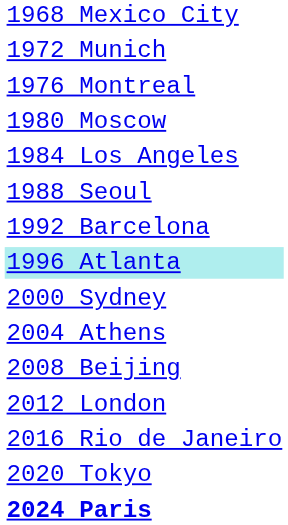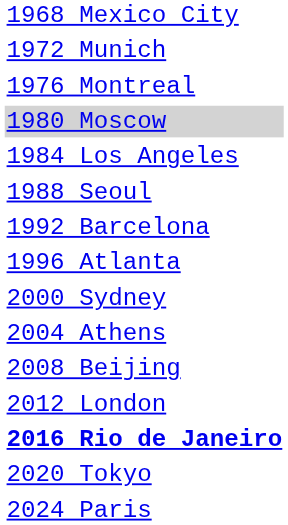 <table>
 <tr>
 <td><a href='#'>1968 Mexico City</a><br></td>
 <td></td>
 <td></td>
 <td></td>
 </tr>
 <tr>
 <td><a href='#'>1972 Munich</a><br></td>
 <td></td>
 <td></td>
 <td></td>
 </tr>
 <tr>
 <td><a href='#'>1976 Montreal</a><br></td>
 <td></td>
 <td></td>
 <td></td>
 </tr>
 <tr>
-<td><a href='#'>1980 Moscow</a><br></td>
+<td style="background: lightgrey;"><a href='#'>1980 Moscow</a><br></td>
 <td></td>
 <td></td>
 <td></td>
 </tr>
 <tr>
 <td><a href='#'>1984 Los Angeles</a><br></td>
 <td></td>
 <td></td>
 <td></td>
 </tr>
 <tr>
 <td><a href='#'>1988 Seoul</a><br></td>
 <td></td>
 <td></td>
 <td></td>
 </tr>
 <tr>
 <td><a href='#'>1992 Barcelona</a><br></td>
 <td></td>
 <td></td>
 <td></td>
 </tr>
 <tr>
-<td style="background: paleturquoise;"><a href='#'>1996 Atlanta</a><br></td>
+<td><a href='#'>1996 Atlanta</a><br></td>
 <td></td>
 <td></td>
 <td></td>
 </tr>
 <tr>
 <td><a href='#'>2000 Sydney</a><br></td>
 <td></td>
 <td></td>
 <td></td>
 </tr>
 <tr valign="top">
 <td rowspan=2><a href='#'>2004 Athens</a><br></td>
 <td rowspan=2></td>
 <td rowspan=2></td>
 <td></td>
 </tr>
 <tr>
 <td></td>
 </tr>
 <tr>
 <td><a href='#'>2008 Beijing</a><br></td>
 <td></td>
 <td></td>
 <td></td>
 </tr>
 <tr>
 <td><a href='#'>2012 London</a><br></td>
 <td></td>
 <td></td>
 <td></td>
 </tr>
 <tr>
-<td><a href='#'>2016 Rio de Janeiro</a><br></td>
+<td><strong><a href='#'>2016 Rio de Janeiro</a><br></strong></td>
 <td></td>
 <td></td>
 <td></td>
 </tr>
 <tr>
 <td><a href='#'>2020 Tokyo</a><br></td>
 <td></td>
 <td></td>
 <td></td>
 </tr>
 <tr>
-<td><strong><a href='#'>2024 Paris</a><br></strong></td>
+<td><a href='#'>2024 Paris</a><br></td>
 <td></td>
 <td></td>
 <td></td>
 </tr>
 <tr>
 </tr>
 </table>
